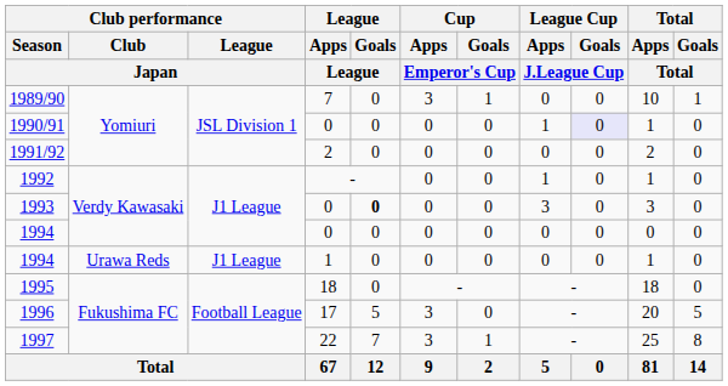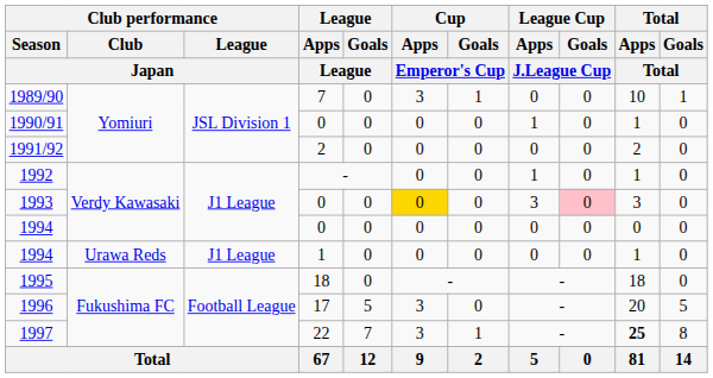 <table class="wikitable" style="text-align:center;">
 <tr>
 <th colspan=3>Club performance</th>
 <th colspan=2>League</th>
 <th colspan=2>Cup</th>
 <th colspan=2>League Cup</th>
 <th colspan=2>Total</th>
 </tr>
 <tr>
 <th>Season</th>
 <th>Club</th>
 <th>League</th>
 <th>Apps</th>
 <th>Goals</th>
 <th>Apps</th>
 <th>Goals</th>
 <th>Apps</th>
 <th>Goals</th>
 <th>Apps</th>
 <th>Goals</th>
 </tr>
 <tr>
 <th colspan=3>Japan</th>
 <th colspan=2>League</th>
 <th colspan=2><a href='#'>Emperor's Cup</a></th>
 <th colspan=2><a href='#'>J.League Cup</a></th>
 <th colspan=2>Total</th>
 </tr>
 <tr>
 <td><a href='#'>1989/90</a></td>
 <td rowspan="3"><a href='#'>Yomiuri</a></td>
 <td rowspan="3"><a href='#'>JSL Division 1</a></td>
 <td>7</td>
 <td>0</td>
 <td>3</td>
 <td>1</td>
 <td>0</td>
 <td>0</td>
 <td>10</td>
 <td>1</td>
 </tr>
 <tr>
 <td><a href='#'>1990/91</a></td>
 <td>0</td>
 <td>0</td>
 <td>0</td>
 <td>0</td>
 <td>1</td>
-<td style="background: lavender;">0</td>
+<td>0</td>
 <td>1</td>
 <td>0</td>
 </tr>
 <tr>
 <td><a href='#'>1991/92</a></td>
 <td>2</td>
 <td>0</td>
 <td>0</td>
 <td>0</td>
 <td>0</td>
 <td>0</td>
 <td>2</td>
 <td>0</td>
 </tr>
 <tr>
 <td><a href='#'>1992</a></td>
 <td rowspan="3"><a href='#'>Verdy Kawasaki</a></td>
 <td rowspan="3"><a href='#'>J1 League</a></td>
 <td colspan="2">-</td>
 <td>0</td>
 <td>0</td>
 <td>1</td>
 <td>0</td>
 <td>1</td>
 <td>0</td>
 </tr>
 <tr>
 <td><a href='#'>1993</a></td>
 <td>0</td>
-<td><strong>0</strong></td>
 <td>0</td>
+<td style="background: gold;">0</td>
 <td>0</td>
 <td>3</td>
-<td>0</td>
+<td style="background: pink;">0</td>
 <td>3</td>
 <td>0</td>
 </tr>
 <tr>
 <td><a href='#'>1994</a></td>
 <td>0</td>
 <td>0</td>
 <td>0</td>
 <td>0</td>
 <td>0</td>
 <td>0</td>
 <td>0</td>
 <td>0</td>
 </tr>
 <tr>
 <td><a href='#'>1994</a></td>
 <td><a href='#'>Urawa Reds</a></td>
 <td><a href='#'>J1 League</a></td>
 <td>1</td>
 <td>0</td>
 <td>0</td>
 <td>0</td>
 <td>0</td>
 <td>0</td>
 <td>1</td>
 <td>0</td>
 </tr>
 <tr>
 <td><a href='#'>1995</a></td>
 <td rowspan="3"><a href='#'>Fukushima FC</a></td>
 <td rowspan="3"><a href='#'>Football League</a></td>
 <td>18</td>
 <td>0</td>
 <td colspan="2">-</td>
 <td colspan="2">-</td>
 <td>18</td>
 <td>0</td>
 </tr>
 <tr>
 <td><a href='#'>1996</a></td>
 <td>17</td>
 <td>5</td>
 <td>3</td>
 <td>0</td>
 <td colspan="2">-</td>
 <td>20</td>
 <td>5</td>
 </tr>
 <tr>
 <td><a href='#'>1997</a></td>
 <td>22</td>
 <td>7</td>
 <td>3</td>
 <td>1</td>
 <td colspan="2">-</td>
-<td>25</td>
+<td><strong>25</strong></td>
 <td>8</td>
 </tr>
 <tr>
 <th colspan=3>Total</th>
 <th>67</th>
 <th>12</th>
 <th>9</th>
 <th>2</th>
 <th>5</th>
 <th>0</th>
 <th>81</th>
 <th>14</th>
 </tr>
 </table>
